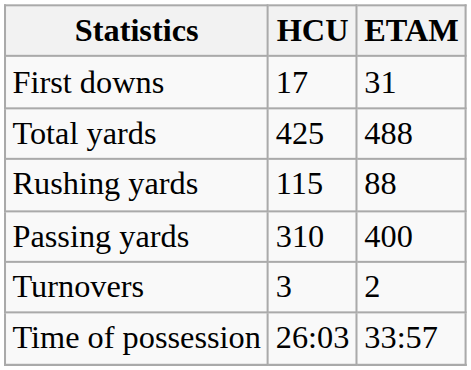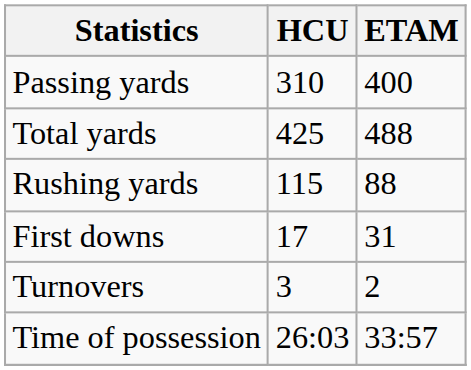 <table class="wikitable" style="float: left;">
 <tr>
 <th>Statistics</th>
 <th>HCU</th>
 <th>ETAM</th>
 </tr>
 <tr>
-<td>First downs</td>
-<td>17</td>
-<td>31</td>
+<td>Passing yards</td>
+<td>310</td>
+<td>400</td>
 </tr>
 <tr>
 <td>Total yards</td>
 <td>425</td>
 <td>488</td>
 </tr>
 <tr>
 <td>Rushing yards</td>
 <td>115</td>
 <td>88</td>
 </tr>
 <tr>
-<td>Passing yards</td>
-<td>310</td>
-<td>400</td>
+<td>First downs</td>
+<td>17</td>
+<td>31</td>
 </tr>
 <tr>
 <td>Turnovers</td>
 <td>3</td>
 <td>2</td>
 </tr>
 <tr>
 <td>Time of possession</td>
 <td>26:03</td>
 <td>33:57</td>
 </tr>
 <tr>
 </tr>
 </table>
